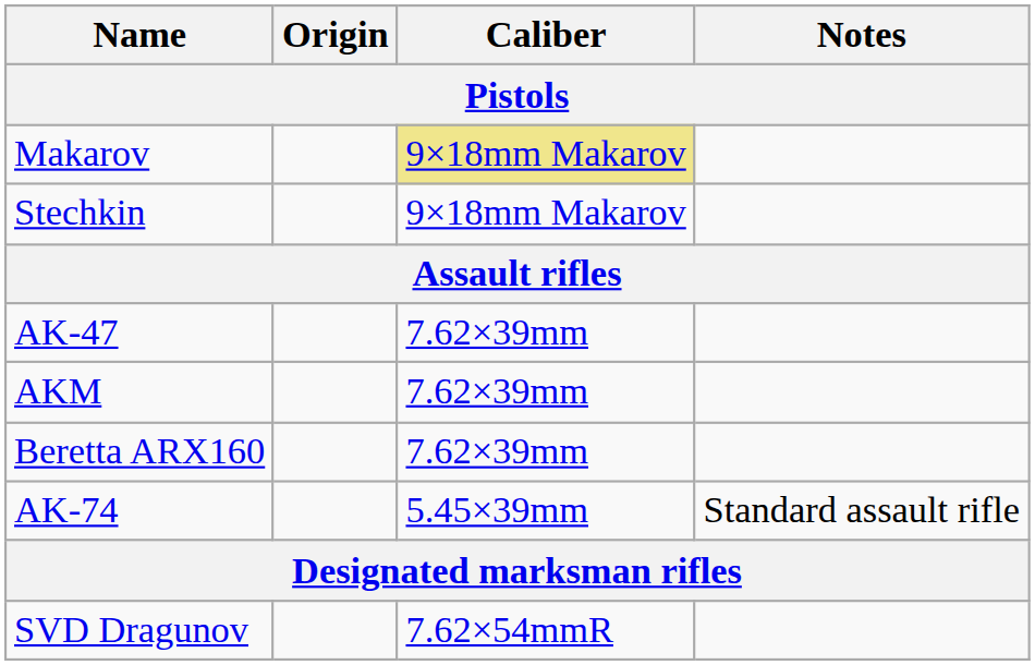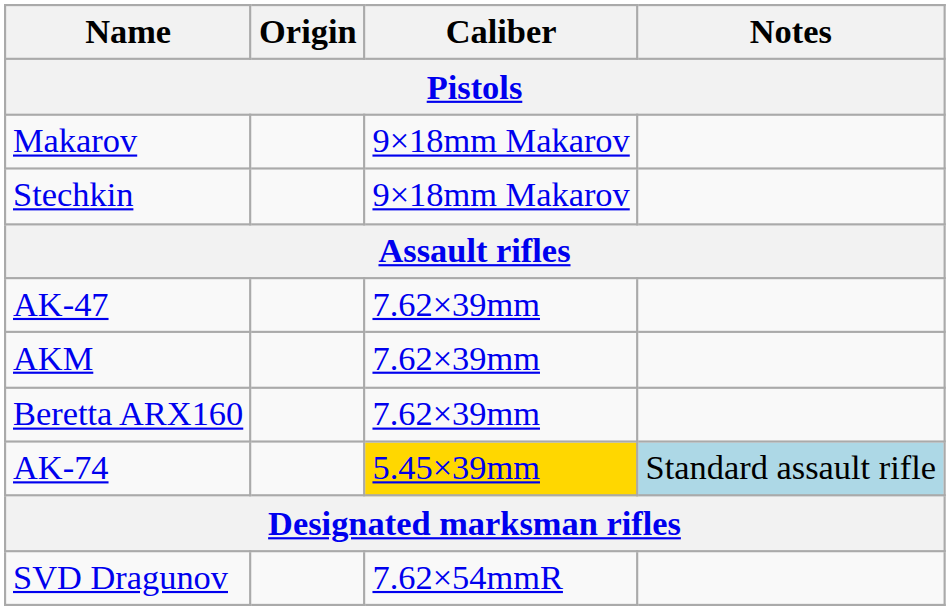 <table class="wikitable">
 <tr>
 <th style="text-align:center;">Name</th>
 <th style="text-align: center;">Origin</th>
 <th style="text-align:l center;">Caliber</th>
 <th style="text-align: center;">Notes</th>
 </tr>
 <tr>
 <th colspan="5"><a href='#'>Pistols</a></th>
 </tr>
 <tr>
 <td><a href='#'>Makarov</a></td>
 <td></td>
-<td style="background: khaki;"><a href='#'>9×18mm Makarov</a></td>
+<td><a href='#'>9×18mm Makarov</a></td>
 <td></td>
 </tr>
 <tr>
 <td><a href='#'>Stechkin</a></td>
 <td></td>
 <td><a href='#'>9×18mm Makarov</a></td>
 <td></td>
 </tr>
 <tr>
 <th colspan="5"><a href='#'>Assault rifles</a></th>
 </tr>
 <tr>
 <td><a href='#'>AK-47</a></td>
 <td></td>
 <td><a href='#'>7.62×39mm</a></td>
 <td></td>
 </tr>
 <tr>
 <td><a href='#'>AKM</a></td>
 <td></td>
 <td><a href='#'>7.62×39mm</a></td>
 <td></td>
 </tr>
 <tr>
 <td><a href='#'>Beretta ARX160</a></td>
 <td></td>
 <td><a href='#'>7.62×39mm</a></td>
 <td></td>
 </tr>
 <tr>
 <td><a href='#'>AK-74</a></td>
 <td></td>
-<td><a href='#'>5.45×39mm</a></td>
-<td>Standard assault rifle</td>
+<td style="background: gold;"><a href='#'>5.45×39mm</a></td>
+<td style="background: lightblue;">Standard assault rifle</td>
 </tr>
 <tr>
 <th colspan="5"><a href='#'>Designated marksman rifles</a></th>
 </tr>
 <tr>
 <td><a href='#'>SVD Dragunov</a></td>
 <td></td>
 <td><a href='#'>7.62×54mmR</a></td>
 <td></td>
 </tr>
 </table>
